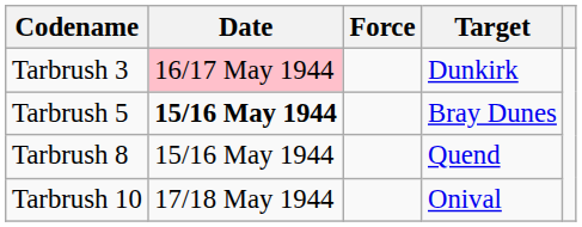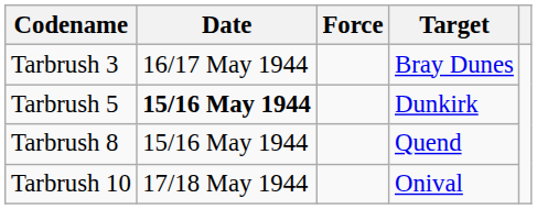 <table class="wikitable">
 <tr>
 <th>Codename</th>
 <th>Date</th>
 <th>Force</th>
 <th>Target</th>
 <th></th>
 </tr>
 <tr style="valign:top;">
 <td>Tarbrush 3</td>
-<td style="background: pink;">16/17 May 1944</td>
+<td>16/17 May 1944</td>
 <td></td>
-<td><a href='#'>Dunkirk</a></td>
+<td><a href='#'>Bray Dunes</a></td>
 </tr>
 <tr style="valign:top;">
 <td>Tarbrush 5</td>
 <td><strong>15/16 May 1944</strong></td>
 <td></td>
-<td><a href='#'>Bray Dunes</a></td>
+<td><a href='#'>Dunkirk</a></td>
 </tr>
 <tr style="valign:top;">
 <td>Tarbrush 8</td>
 <td>15/16 May 1944</td>
 <td></td>
 <td><a href='#'>Quend</a></td>
 </tr>
 <tr style="valign:top;">
 <td>Tarbrush 10</td>
 <td>17/18 May 1944</td>
 <td></td>
 <td><a href='#'>Onival</a></td>
 </tr>
 </table>
